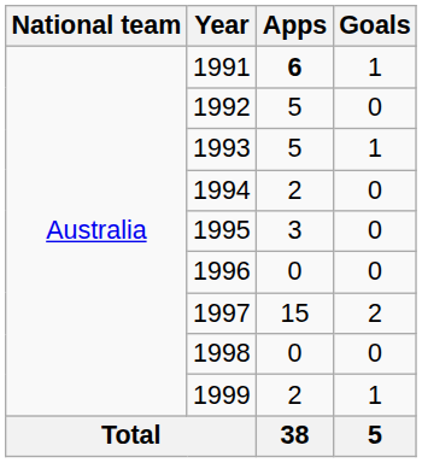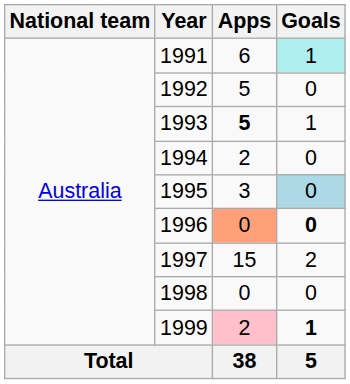 <table class="wikitable" style="text-align:center">
 <tr>
 <th>National team</th>
 <th>Year</th>
 <th>Apps</th>
 <th>Goals</th>
 </tr>
 <tr>
 <td rowspan="9"><a href='#'>Australia</a></td>
 <td>1991</td>
-<td><strong>6</strong></td>
-<td>1</td>
+<td>6</td>
+<td style="background: paleturquoise;">1</td>
 </tr>
 <tr>
 <td>1992</td>
 <td>5</td>
 <td>0</td>
 </tr>
 <tr>
 <td>1993</td>
-<td>5</td>
+<td><strong>5</strong></td>
 <td>1</td>
 </tr>
 <tr>
 <td>1994</td>
 <td>2</td>
 <td>0</td>
 </tr>
 <tr>
 <td>1995</td>
 <td>3</td>
-<td>0</td>
+<td style="background: lightblue;">0</td>
 </tr>
 <tr>
 <td>1996</td>
-<td>0</td>
-<td>0</td>
+<td style="background: lightsalmon;">0</td>
+<td><strong>0</strong></td>
 </tr>
 <tr>
 <td>1997</td>
 <td>15</td>
 <td>2</td>
 </tr>
 <tr>
 <td>1998</td>
 <td>0</td>
 <td>0</td>
 </tr>
 <tr>
 <td>1999</td>
-<td>2</td>
-<td>1</td>
+<td style="background: pink;">2</td>
+<td><strong>1</strong></td>
 </tr>
 <tr>
 <th colspan="2">Total</th>
 <th>38</th>
 <th>5</th>
 </tr>
 </table>
